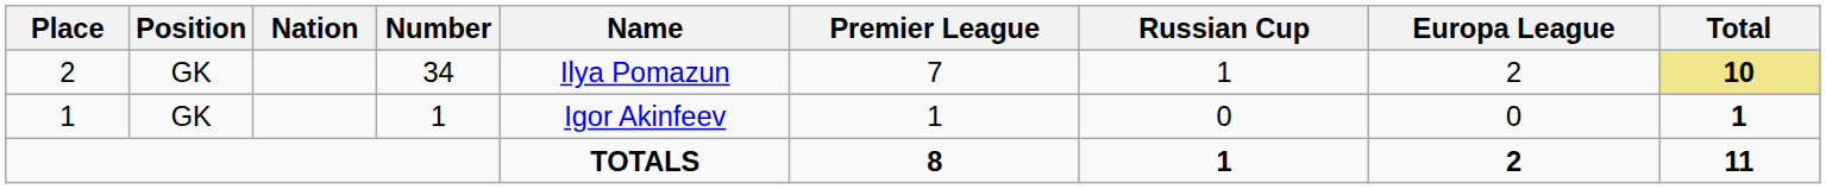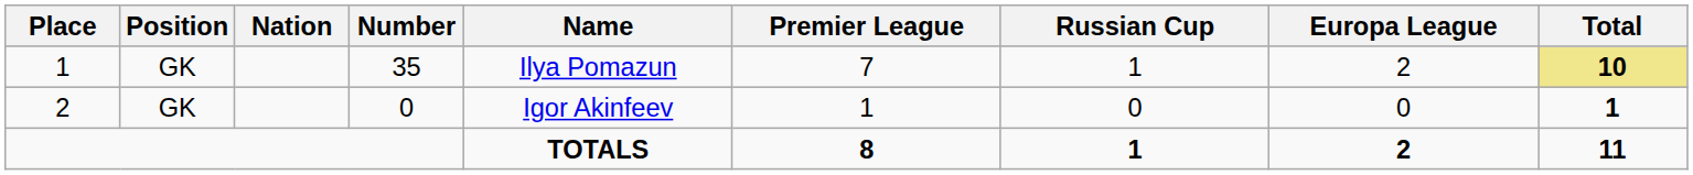 <table class="wikitable" style="font-size: 95%; text-align: center;">
 <tr>
 <th width=60>Place</th>
 <th width=60>Position</th>
 <th width=60>Nation</th>
 <th width=60>Number</th>
 <th width=150>Name</th>
 <th width=150>Premier League</th>
 <th width=150>Russian Cup</th>
 <th width=150>Europa League</th>
 <th width=80>Total</th>
 </tr>
 <tr>
-<td>2</td>
+<td>1</td>
 <td>GK</td>
 <td></td>
-<td>34</td>
+<td>35</td>
 <td><a href='#'>Ilya Pomazun</a></td>
 <td>7</td>
 <td>1</td>
 <td>2</td>
 <td style="background: khaki;"><strong>10</strong></td>
 </tr>
 <tr>
-<td>1</td>
+<td>2</td>
 <td>GK</td>
 <td></td>
-<td>1</td>
+<td>0</td>
 <td><a href='#'>Igor Akinfeev</a></td>
 <td>1</td>
 <td>0</td>
 <td>0</td>
 <td><strong>1</strong></td>
 </tr>
 <tr>
 <td colspan="4"></td>
 <td><strong>TOTALS</strong></td>
 <td><strong>8</strong></td>
 <td><strong>1</strong></td>
 <td><strong>2</strong></td>
 <td><strong>11</strong></td>
 </tr>
 </table>
